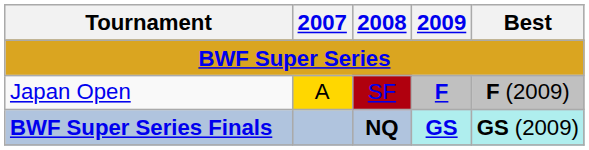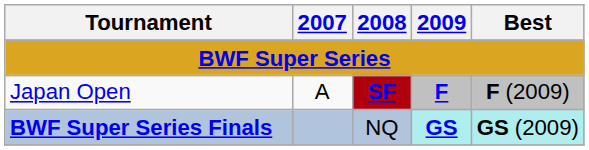 <table class="wikitable" style="font-size: 90%; text-align:center">
 <tr>
 <th width=180>Tournament</th>
 <th><a href='#'>2007</a></th>
 <th><a href='#'>2008</a></th>
 <th><a href='#'>2009</a></th>
 <th>Best</th>
 </tr>
 <tr bgcolor=DAA520>
 <td colspan=20 align=center><strong><a href='#'>BWF Super Series</a></strong></td>
 </tr>
 <tr>
 <td align=left> <a href='#'>Japan Open</a></td>
-<td style="background: gold;">A</td>
-<td bgcolor=Bronze><a href='#'>SF</a></td>
+<td>A</td>
+<td bgcolor=Bronze><strong><a href='#'>SF</a></strong></td>
 <td bgcolor=Silver><a href='#'><strong>F</strong></a></td>
 <td bgcolor=Silver><strong>F</strong> (2009)</td>
 </tr>
 <tr bgcolor=B0C4DE>
 <td align=left><strong><a href='#'>BWF Super Series Finals</a></strong></td>
 <td></td>
-<td><strong>NQ</strong></td>
+<td>NQ</td>
 <td bgcolor=AFEEEE><a href='#'><strong>GS</strong></a></td>
 <td bgcolor=AFEEEE><strong>GS</strong> (2009)</td>
 </tr>
 </table>
